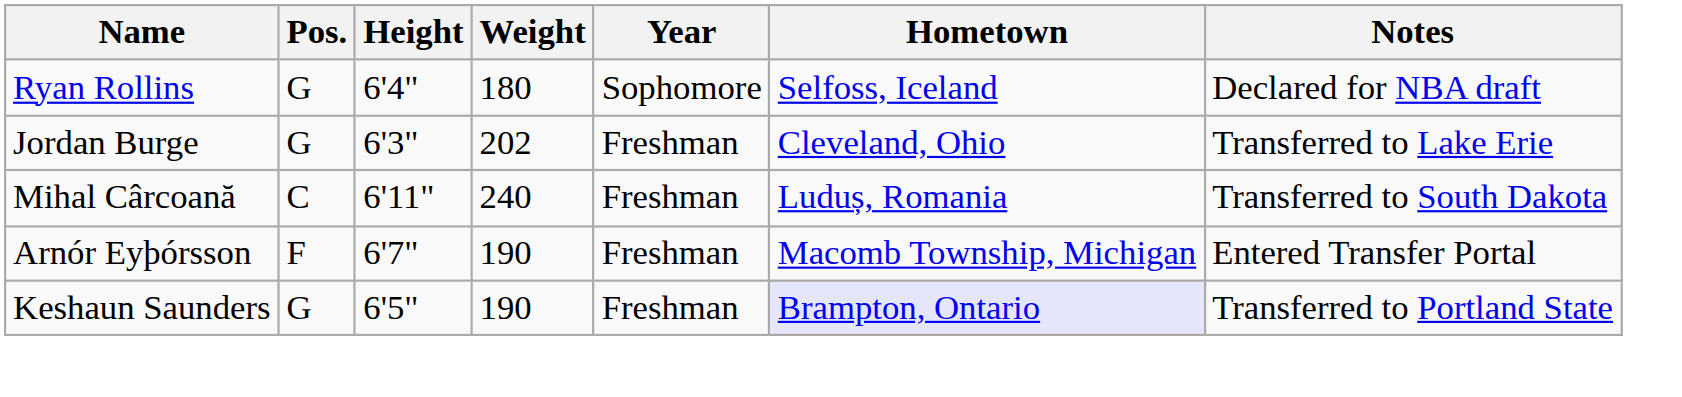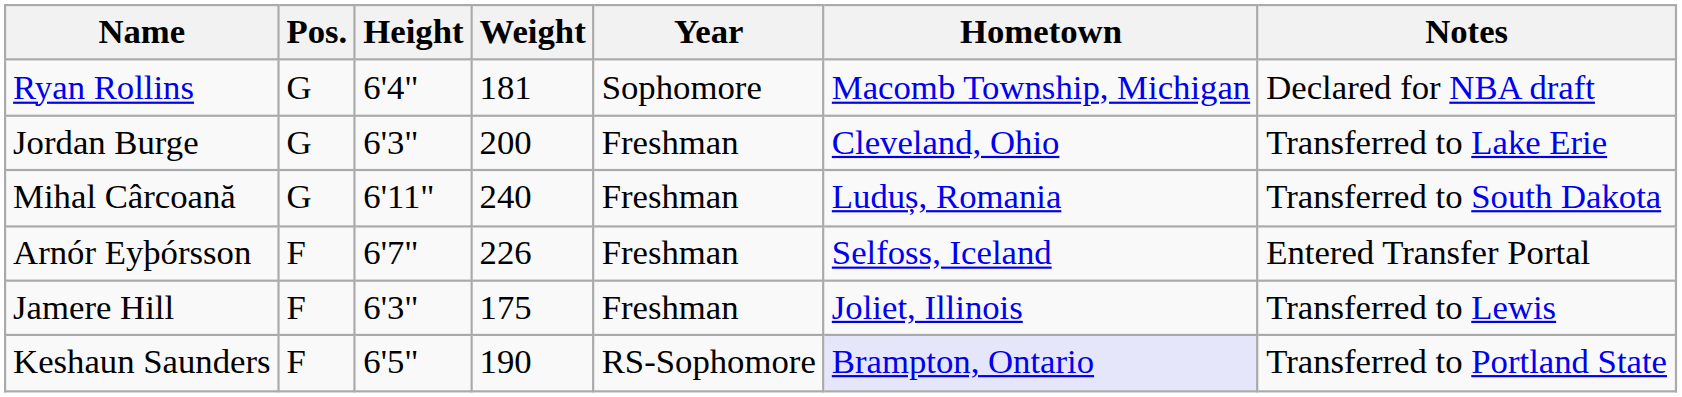 <table class="wikitable sortable" border="1">
 <tr align=center>
 <th>Name</th>
 <th>Pos.</th>
 <th>Height</th>
 <th>Weight</th>
 <th>Year</th>
 <th>Hometown</th>
 <th>Notes</th>
 </tr>
 <tr>
 <td><a href='#'>Ryan Rollins</a></td>
 <td>G</td>
 <td>6'4"</td>
-<td>180</td>
+<td>181</td>
 <td>Sophomore</td>
-<td><a href='#'>Selfoss, Iceland</a></td>
+<td><a href='#'>Macomb Township, Michigan</a></td>
 <td>Declared for <a href='#'>NBA draft</a></td>
 </tr>
 <tr>
 <td>Jordan Burge</td>
 <td>G</td>
 <td>6'3"</td>
-<td>202</td>
+<td>200</td>
 <td>Freshman</td>
 <td><a href='#'>Cleveland, Ohio</a></td>
 <td>Transferred to <a href='#'>Lake Erie</a></td>
 </tr>
 <tr>
 <td>Mihal Cârcoană</td>
-<td>C</td>
+<td>G</td>
 <td>6'11"</td>
 <td>240</td>
 <td>Freshman</td>
 <td><a href='#'>Luduș, Romania</a></td>
 <td>Transferred to <a href='#'>South Dakota</a></td>
 </tr>
 <tr>
 <td>Arnór Eyþórsson</td>
 <td>F</td>
 <td>6'7"</td>
-<td>190</td>
+<td>226</td>
 <td>Freshman</td>
-<td><a href='#'>Macomb Township, Michigan</a></td>
+<td><a href='#'>Selfoss, Iceland</a></td>
 <td>Entered Transfer Portal</td>
 </tr>
 <tr>
+<td>Jamere Hill</td>
+<td>F</td>
+<td>6'3"</td>
+<td>175</td>
+<td>Freshman</td>
+<td><a href='#'>Joliet, Illinois</a></td>
+<td>Transferred to <a href='#'>Lewis</a></td>
+</tr>
+<tr>
 <td>Keshaun Saunders</td>
-<td>G</td>
+<td>F</td>
 <td>6'5"</td>
 <td>190</td>
-<td>Freshman</td>
+<td>RS-Sophomore</td>
 <td style="background: lavender;"><a href='#'>Brampton, Ontario</a></td>
 <td>Transferred to <a href='#'>Portland State</a></td>
 </tr>
 </table>
